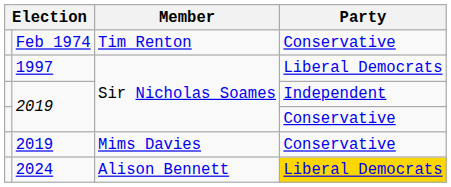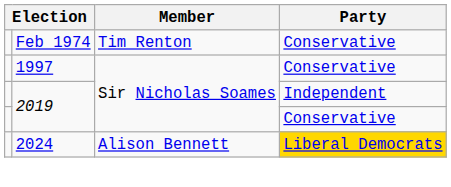 <table class="wikitable">
 <tr>
 <th colspan="2">Election</th>
 <th>Member</th>
 <th>Party</th>
 </tr>
 <tr>
 <td style="color:inherit;background-color: "></td>
 <td><a href='#'>Feb 1974</a></td>
 <td><a href='#'>Tim Renton</a></td>
 <td><a href='#'>Conservative</a></td>
 </tr>
 <tr>
 <td style="color:inherit;background-color: "></td>
 <td><a href='#'>1997</a></td>
 <td rowspan="3">Sir <a href='#'>Nicholas Soames</a></td>
-<td><a href='#'>Liberal Democrats</a></td>
+<td><a href='#'>Conservative</a></td>
 </tr>
 <tr>
 <td style="color:inherit;background-color: "></td>
 <td rowspan=2><em>2019</em></td>
 <td><a href='#'>Independent</a></td>
 </tr>
 <tr>
 <td style="color:inherit;background-color: "></td>
 <td><a href='#'>Conservative</a></td>
 </tr>
 <tr>
 <td style="color:inherit;background-color: "></td>
-<td><a href='#'>2019</a></td>
-<td><a href='#'>Mims Davies</a></td>
-<td><a href='#'>Conservative</a></td>
-</tr>
-<tr>
-<td style="color:inherit;background-color: "></td>
 <td><a href='#'>2024</a></td>
 <td><a href='#'>Alison Bennett</a></td>
 <td style="background: gold;"><a href='#'>Liberal Democrats</a></td>
 </tr>
 </table>
